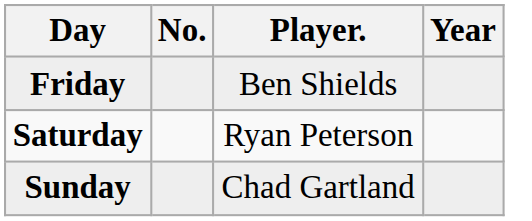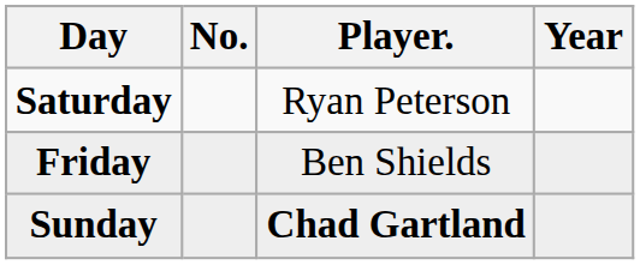 <table class="wikitable non-sortable">
 <tr>
 <th style="text-align:center; ">Day</th>
 <th style="text-align:center; ">No.</th>
 <th style="text-align:center; ">Player.</th>
 <th style="text-align:center; ">Year</th>
-</tr>
-<tr style="background:#eeeeee;text-align:center;">
-<td><strong>Friday</strong></td>
-<td></td>
-<td>Ben Shields</td>
-<td></td>
 </tr>
 <tr style="text-align:center;">
 <td><strong>Saturday</strong></td>
 <td></td>
 <td>Ryan Peterson</td>
 <td></td>
 </tr>
 <tr style="background:#eeeeee;text-align:center;">
+<td><strong>Friday</strong></td>
+<td></td>
+<td>Ben Shields</td>
+<td></td>
+</tr>
+<tr style="background:#eeeeee;text-align:center;">
 <td><strong>Sunday</strong></td>
 <td></td>
-<td>Chad Gartland</td>
+<td><strong>Chad Gartland</strong></td>
 <td></td>
 </tr>
 </table>
